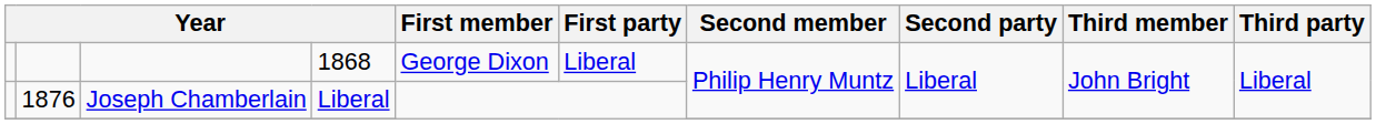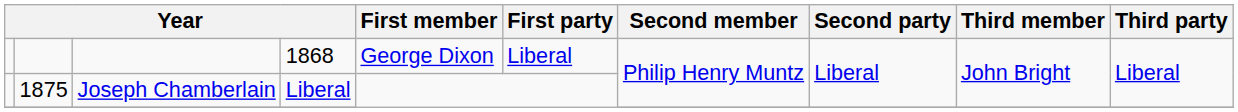 <table class="wikitable">
 <tr>
 <th colspan="4">Year</th>
 <th>First member</th>
 <th>First party</th>
 <th>Second member</th>
 <th>Second party</th>
 <th>Third member</th>
 <th>Third party</th>
 </tr>
 <tr>
 <td style="color:inherit;background-color: "></td>
 <td style="color:inherit;background-color: "></td>
 <td style="color:inherit;background-color: "></td>
 <td>1868</td>
 <td><a href='#'>George Dixon</a></td>
 <td><a href='#'>Liberal</a></td>
 <td rowspan="2"><a href='#'>Philip Henry Muntz</a></td>
 <td rowspan="2"><a href='#'>Liberal</a></td>
 <td rowspan="2"><a href='#'>John Bright</a></td>
 <td rowspan="2"><a href='#'>Liberal</a></td>
 </tr>
 <tr>
 <td style="color:inherit;background-color: "></td>
-<td>1876</td>
+<td>1875</td>
 <td><a href='#'>Joseph Chamberlain</a></td>
 <td><a href='#'>Liberal</a></td>
 </tr>
 <tr>
 </tr>
 </table>
